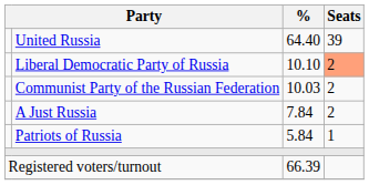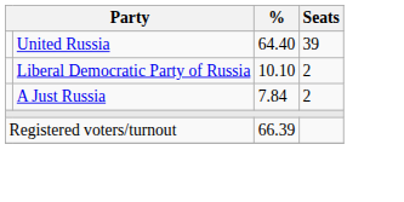 <table class="wikitable">
 <tr>
 <th colspan=2>Party</th>
 <th>%</th>
 <th>Seats</th>
 </tr>
 <tr>
 <td style="background:"></td>
 <td><a href='#'>United Russia</a></td>
 <td>64.40</td>
 <td>39</td>
 </tr>
 <tr>
 <td style="background:"></td>
 <td><a href='#'>Liberal Democratic Party of Russia</a></td>
 <td>10.10</td>
-<td style="background: lightsalmon;">2</td>
-</tr>
-<tr>
-<td style="background:"></td>
-<td><a href='#'>Communist Party of the Russian Federation</a></td>
-<td>10.03</td>
 <td>2</td>
 </tr>
 <tr>
 <td style="background:"></td>
 <td><a href='#'>A Just Russia</a></td>
 <td>7.84</td>
 <td>2</td>
-</tr>
-<tr>
-<td style="background:"></td>
-<td><a href='#'>Patriots of Russia</a></td>
-<td>5.84</td>
-<td>1</td>
 </tr>
 <tr>
 <td colspan=4 style="background:#E9E9E9;"></td>
 </tr>
 <tr>
 <td align=left colspan=2>Registered voters/turnout</td>
 <td>66.39</td>
 <td></td>
 </tr>
 <tr>
 </tr>
 </table>
